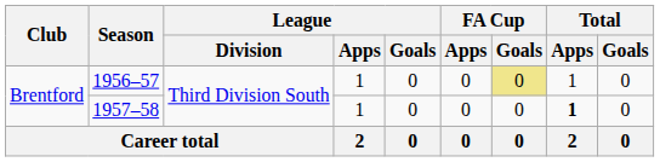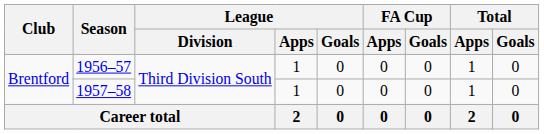 <table class="wikitable" style="text-align: center;">
 <tr>
 <th rowspan="2">Club</th>
 <th rowspan="2">Season</th>
 <th colspan="3">League</th>
 <th colspan="2">FA Cup</th>
 <th colspan="2">Total</th>
 </tr>
 <tr>
 <th>Division</th>
 <th>Apps</th>
 <th>Goals</th>
 <th>Apps</th>
 <th>Goals</th>
 <th>Apps</th>
 <th>Goals</th>
 </tr>
 <tr>
 <td rowspan="2"><a href='#'>Brentford</a></td>
 <td><a href='#'>1956–57</a></td>
 <td rowspan="2"><a href='#'>Third Division South</a></td>
 <td>1</td>
 <td>0</td>
 <td>0</td>
-<td style="background: khaki;">0</td>
+<td>0</td>
 <td>1</td>
 <td>0</td>
 </tr>
 <tr>
 <td><a href='#'>1957–58</a></td>
 <td>1</td>
 <td>0</td>
 <td>0</td>
 <td>0</td>
-<td><strong>1</strong></td>
+<td>1</td>
 <td>0</td>
 </tr>
 <tr>
 <th colspan="3">Career total</th>
 <th>2</th>
 <th>0</th>
 <th>0</th>
 <th>0</th>
 <th>2</th>
 <th>0</th>
 </tr>
 </table>
